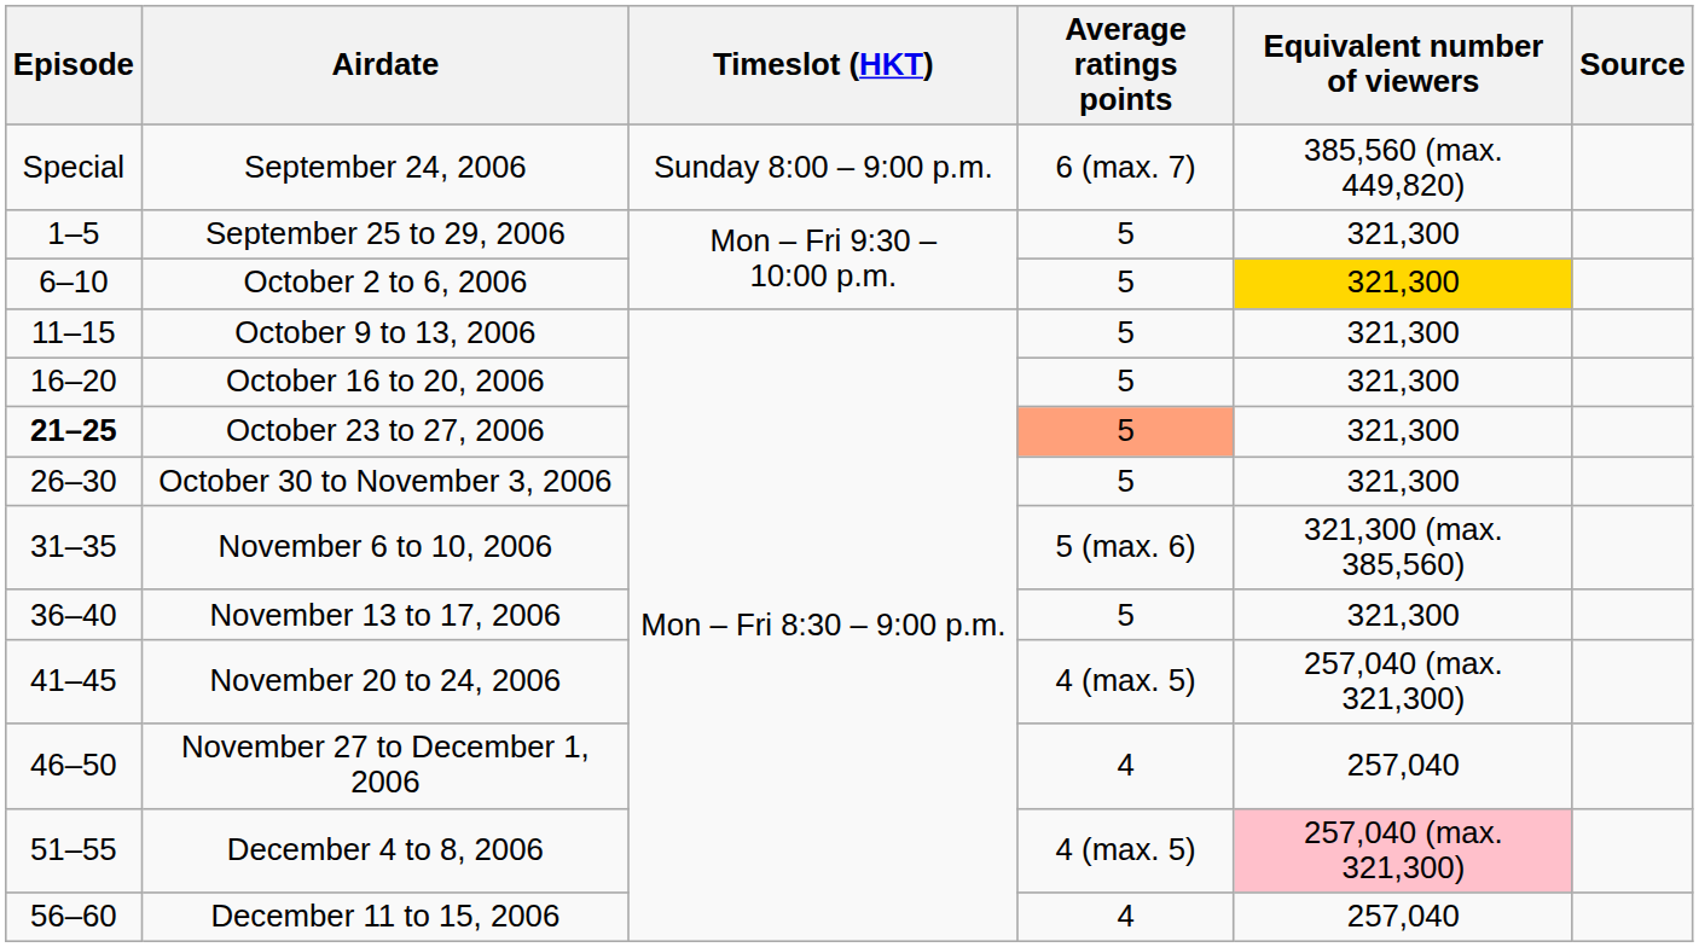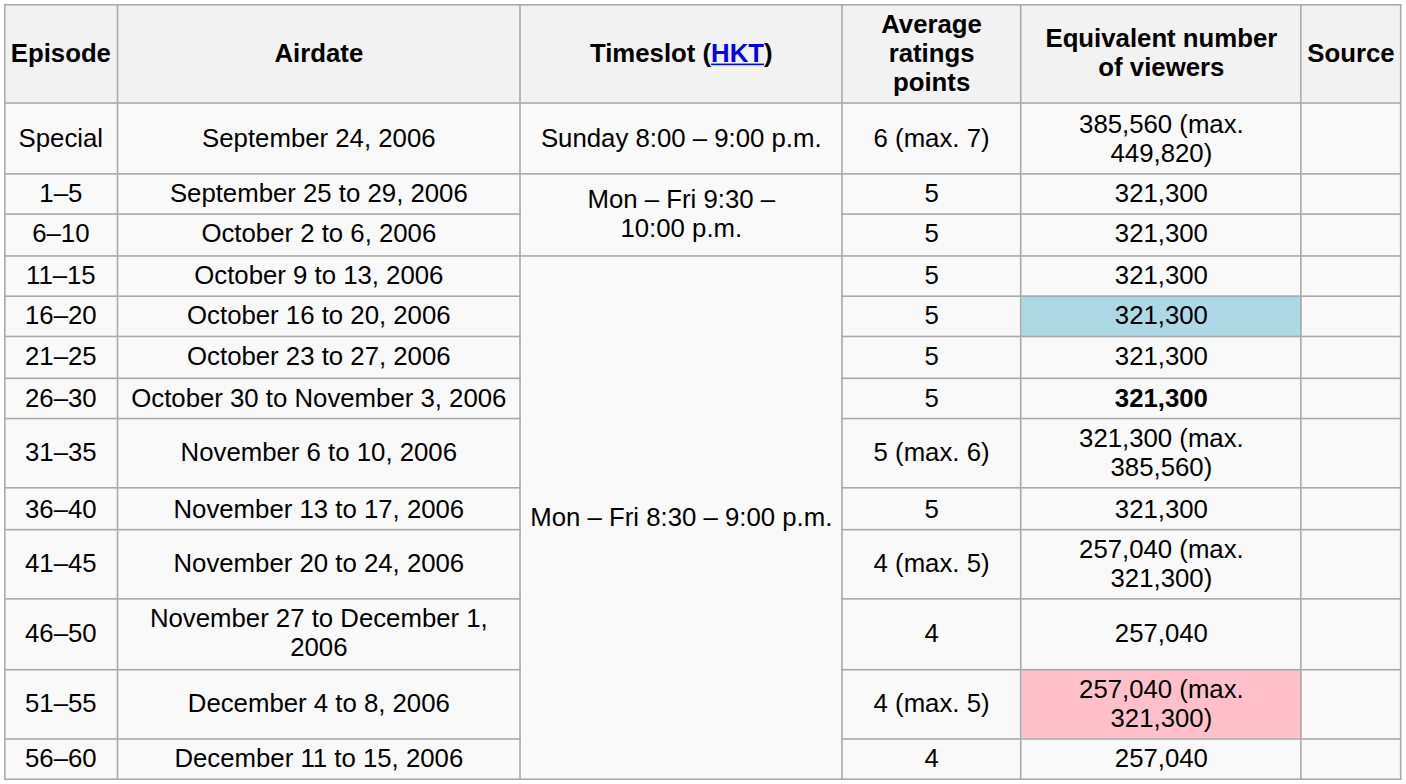 <table class="wikitable" style="text-align:center">
 <tr>
 <th>Episode</th>
 <th>Airdate</th>
 <th>Timeslot (<a href='#'>HKT</a>)</th>
 <th>Average<br>ratings points</th>
 <th>Equivalent number<br>of viewers</th>
 <th>Source</th>
 </tr>
 <tr>
 <td>Special</td>
 <td>September 24, 2006</td>
 <td>Sunday 8:00 – 9:00 p.m.</td>
 <td>6 (max. 7)</td>
 <td>385,560 (max. 449,820)</td>
 <td></td>
 </tr>
 <tr>
 <td>1–5</td>
 <td>September 25 to 29, 2006</td>
 <td rowspan=2>Mon – Fri 9:30 – 10:00 p.m.</td>
 <td>5</td>
 <td>321,300</td>
 <td></td>
 </tr>
 <tr 25 26 27>
 <td>6–10</td>
 <td>October 2 to 6, 2006</td>
 <td>5</td>
-<td style="background: gold;">321,300</td>
+<td>321,300</td>
 <td></td>
 </tr>
 <tr 2>
 <td>11–15</td>
 <td>October 9 to 13, 2006</td>
 <td rowspan=10>Mon – Fri 8:30 – 9:00 p.m.</td>
 <td>5</td>
 <td>321,300</td>
 <td></td>
 </tr>
 <tr>
 <td>16–20</td>
 <td>October 16 to 20, 2006</td>
 <td>5</td>
-<td>321,300</td>
+<td style="background: lightblue;">321,300</td>
 <td></td>
 </tr>
 <tr>
-<td><strong>21–25</strong></td>
+<td>21–25</td>
 <td>October 23 to 27, 2006</td>
-<td style="background: lightsalmon;">5</td>
+<td>5</td>
 <td>321,300</td>
 <td></td>
 </tr>
 <tr>
 <td>26–30</td>
 <td>October 30 to November 3, 2006</td>
 <td>5</td>
-<td>321,300</td>
+<td><strong>321,300</strong></td>
 <td></td>
 </tr>
 <tr 30>
 <td>31–35</td>
 <td>November 6 to 10, 2006</td>
 <td>5 (max. 6)</td>
 <td>321,300 (max. 385,560)</td>
 <td></td>
 </tr>
 <tr>
 <td>36–40</td>
 <td>November 13 to 17, 2006</td>
 <td>5</td>
 <td>321,300</td>
 <td></td>
 </tr>
 <tr>
 <td>41–45</td>
 <td>November 20 to 24, 2006</td>
 <td>4 (max. 5)</td>
 <td>257,040 (max. 321,300)</td>
 <td></td>
 </tr>
 <tr>
 <td>46–50</td>
 <td>November 27 to December 1, 2006</td>
 <td>4</td>
 <td>257,040</td>
 <td></td>
 </tr>
 <tr>
 <td>51–55</td>
 <td>December 4 to 8, 2006</td>
 <td>4 (max. 5)</td>
 <td style="background: pink;">257,040 (max. 321,300)</td>
 <td></td>
 </tr>
 <tr>
 <td>56–60</td>
 <td>December 11 to 15, 2006</td>
 <td>4</td>
 <td>257,040</td>
 <td></td>
 </tr>
 </table>
